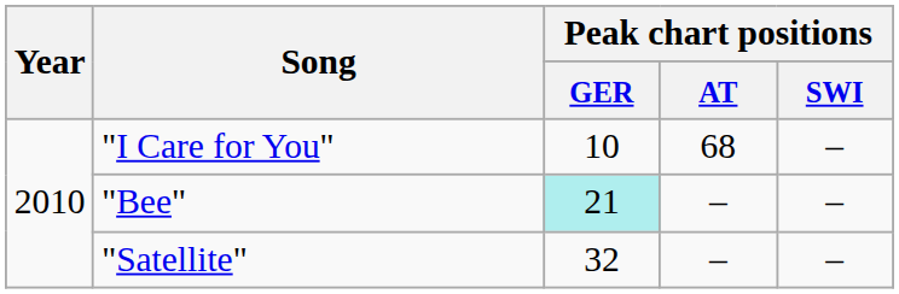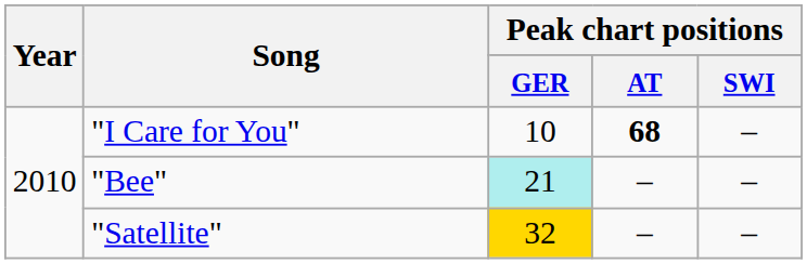 <table class="wikitable">
 <tr>
 <th width="28" rowspan="2">Year</th>
 <th width="195" rowspan="2">Song</th>
 <th colspan="3">Peak chart positions</th>
 </tr>
 <tr bgcolor="#efefef">
 <th width="45"><small><a href='#'>GER</a></small></th>
 <th width="45"><small><a href='#'>AT</a></small></th>
 <th width="45"><small><a href='#'>SWI</a></small></th>
 </tr>
 <tr>
 <td rowspan=3>2010</td>
 <td>"<a href='#'>I Care for You</a>"</td>
 <td align="center" >10</td>
-<td align="center" >68</td>
+<td align="center" ><strong>68</strong></td>
 <td align="center" >–</td>
 </tr>
 <tr>
 <td>"<a href='#'>Bee</a>"</td>
 <td align="center"  style="background: paleturquoise;">21</td>
 <td align="center" >–</td>
 <td align="center" >–</td>
 </tr>
 <tr>
 <td>"<a href='#'>Satellite</a>"</td>
-<td align="center" >32</td>
+<td align="center"  style="background: gold;">32</td>
 <td align="center" >–</td>
 <td align="center" >–</td>
 </tr>
 </table>
